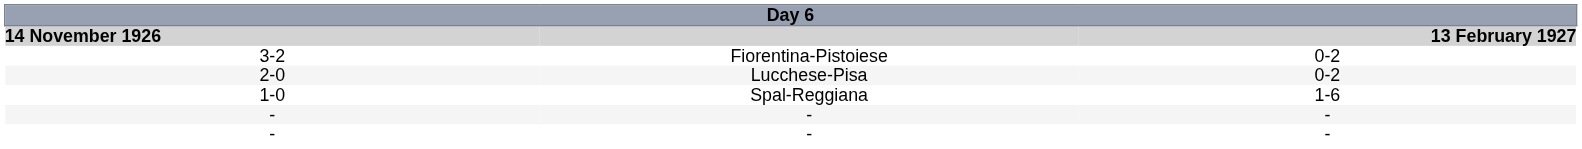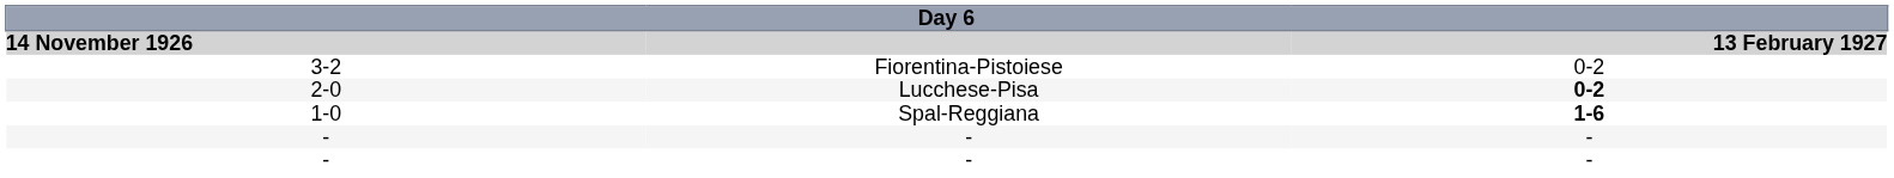 <table border=0 cellspacing=0 cellpadding=0 style="font-size: 85%; border-collapse: collapse;" width=95%>
 <tr>
 <td colspan=5 bgcolor=#98A1B2 style="border:1px solid #7A8392;text-align:center;"><span><strong>Day 6</strong></span></td>
 </tr>
 <tr bgcolor="D3D3D3">
 <th align=left>14 November 1926</th>
 <th></th>
 <th align=right>13 February 1927</th>
 </tr>
 <tr align=center bgcolor=#FFFFFF>
 <td>3-2</td>
 <td>Fiorentina-Pistoiese</td>
 <td>0-2</td>
 </tr>
 <tr align=center bgcolor=#F5F5F5>
 <td>2-0</td>
 <td>Lucchese-Pisa</td>
-<td>0-2</td>
+<td><strong>0-2</strong></td>
 </tr>
 <tr align=center bgcolor=#FFFFFF>
 <td>1-0</td>
 <td>Spal-Reggiana</td>
-<td>1-6</td>
+<td><strong>1-6</strong></td>
 </tr>
 <tr align=center bgcolor=#F5F5F5>
 <td>-</td>
 <td>-</td>
 <td>-</td>
 </tr>
 <tr align=center bgcolor=#FFFFFF>
 <td>-</td>
 <td>-</td>
 <td>-</td>
 </tr>
 </table>
